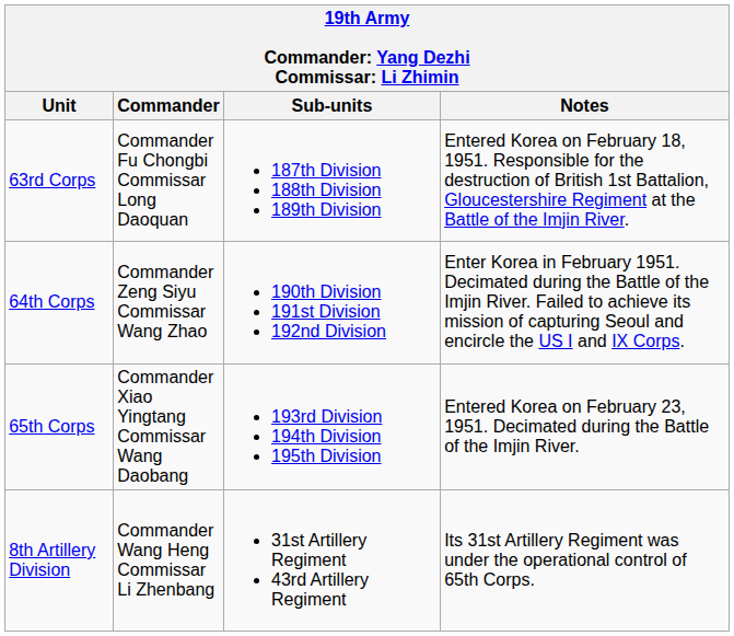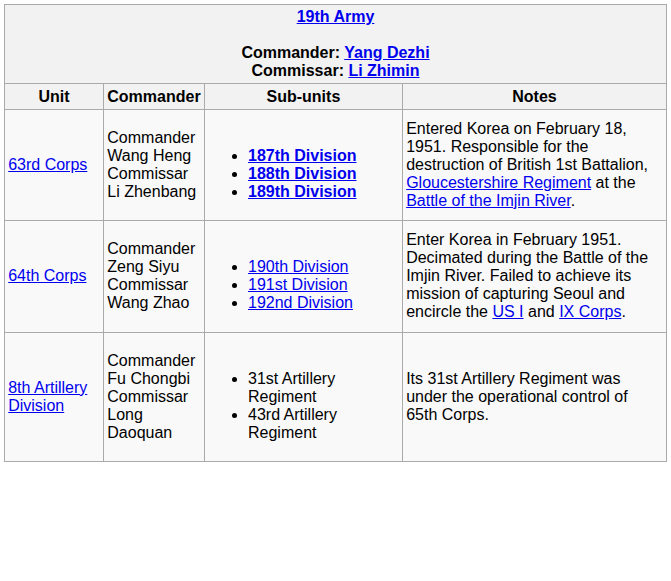 <table class="wikitable" style="width: 75%">
 <tr>
 <th colspan="4" align= center> <a href='#'>19th Army</a><br><br>Commander: <a href='#'>Yang Dezhi</a><br> Commissar: <a href='#'>Li Zhimin</a></th>
 </tr>
 <tr>
 <th width=15%; align= center>Unit</th>
 <th width=15%; align= center>Commander</th>
 <th width=30%; align= center>Sub-units</th>
 <th width=40%; align= center>Notes</th>
 </tr>
 <tr>
 <td><a href='#'>63rd Corps</a></td>
-<td>Commander Fu Chongbi<br>Commissar Long Daoquan</td>
-<td><br><ul><li><a href='#'>187th Division</a></li><li><a href='#'>188th Division</a></li><li><a href='#'>189th Division</a></li></ul></td>
+<td>Commander Wang Heng<br>Commissar Li Zhenbang</td>
+<td><strong><br><ul><li><a href='#'>187th Division</a></li><li><a href='#'>188th Division</a></li><li><a href='#'>189th Division</a></li></ul></strong></td>
 <td>Entered Korea on February 18, 1951. Responsible for the destruction of British 1st Battalion, <a href='#'>Gloucestershire Regiment</a> at the <a href='#'>Battle of the Imjin River</a>.</td>
 </tr>
 <tr>
 <td><a href='#'>64th Corps</a></td>
 <td>Commander Zeng Siyu<br>Commissar Wang Zhao</td>
 <td><br><ul><li><a href='#'>190th Division</a></li><li><a href='#'>191st Division</a></li><li><a href='#'>192nd Division</a></li></ul></td>
 <td>Enter Korea in February 1951. Decimated during the Battle of the Imjin River. Failed to achieve its mission of capturing Seoul and encircle the <a href='#'>US I</a> and <a href='#'>IX Corps</a>.</td>
 </tr>
 <tr>
-<td><a href='#'>65th Corps</a></td>
-<td>Commander Xiao Yingtang<br>Commissar Wang Daobang</td>
-<td><br><ul><li><a href='#'>193rd Division</a></li><li><a href='#'>194th Division</a></li><li><a href='#'>195th Division</a></li></ul></td>
-<td>Entered Korea on February 23, 1951. Decimated during the Battle of the Imjin River.</td>
-</tr>
-<tr>
 <td><a href='#'>8th Artillery Division</a></td>
-<td>Commander Wang Heng<br>Commissar Li Zhenbang</td>
+<td>Commander Fu Chongbi<br>Commissar Long Daoquan</td>
 <td><br><ul><li>31st Artillery Regiment</li><li>43rd Artillery Regiment</li></ul></td>
 <td>Its 31st Artillery Regiment was under the operational control of 65th Corps.</td>
 </tr>
 </table>
